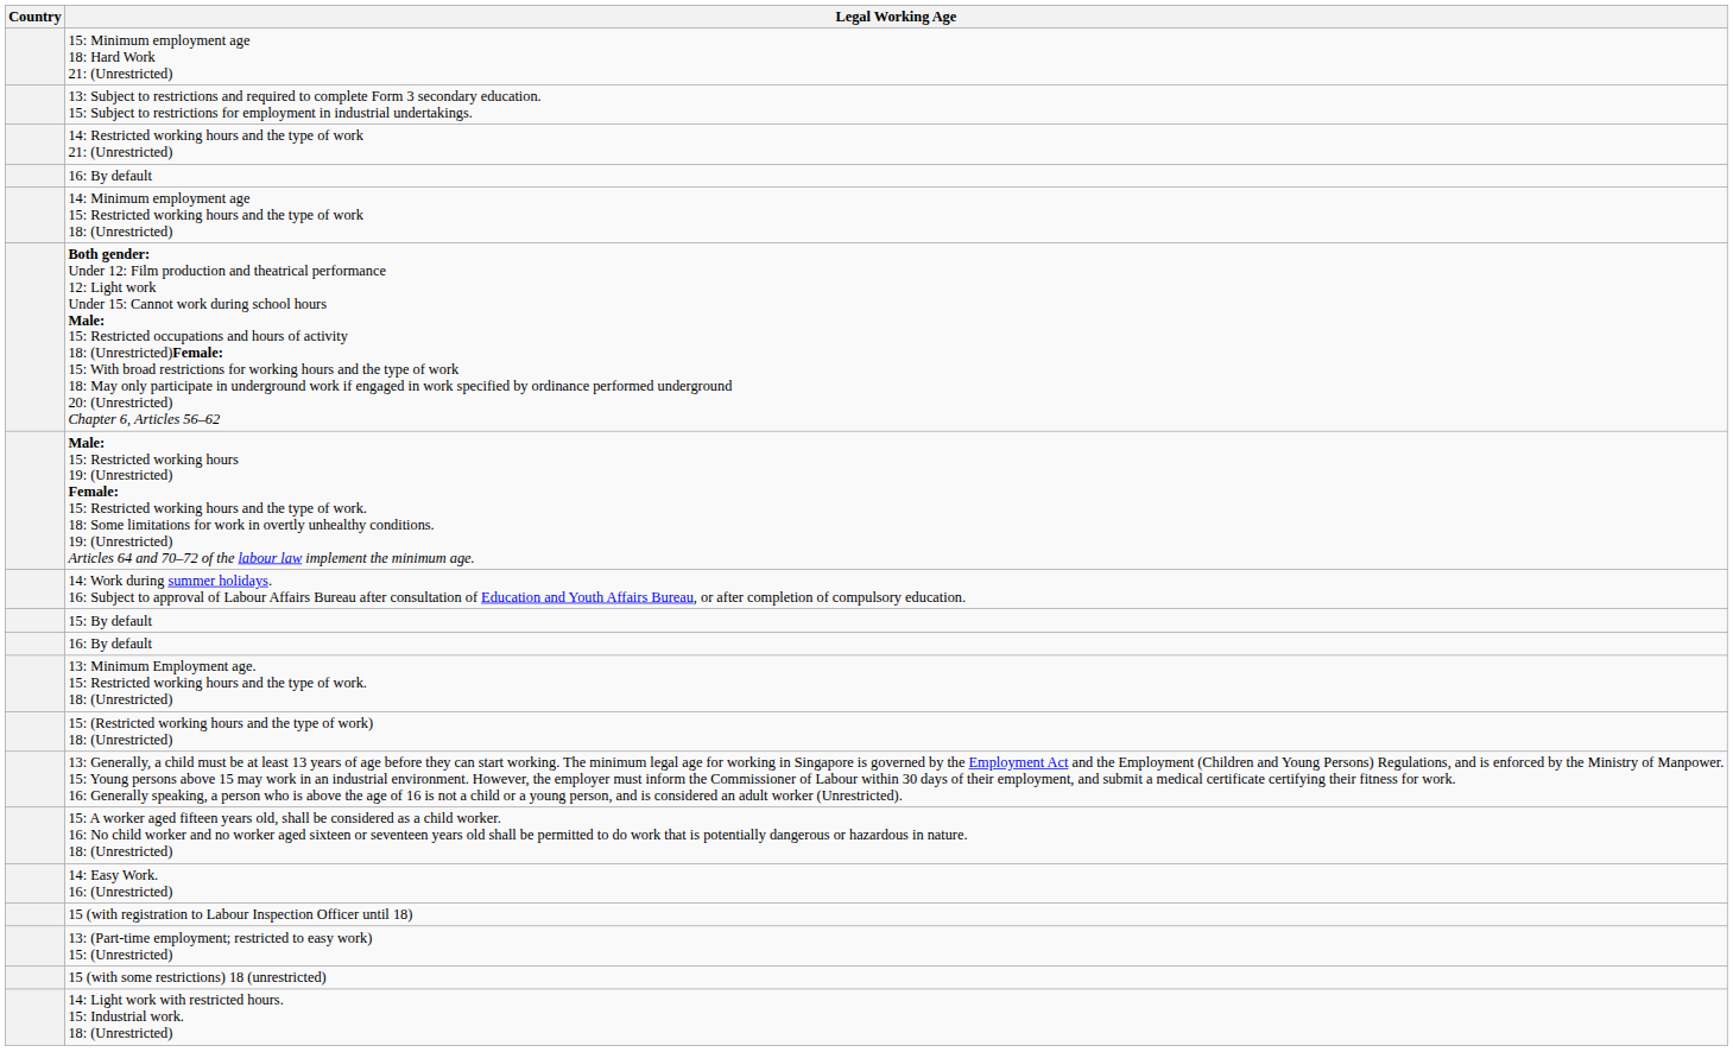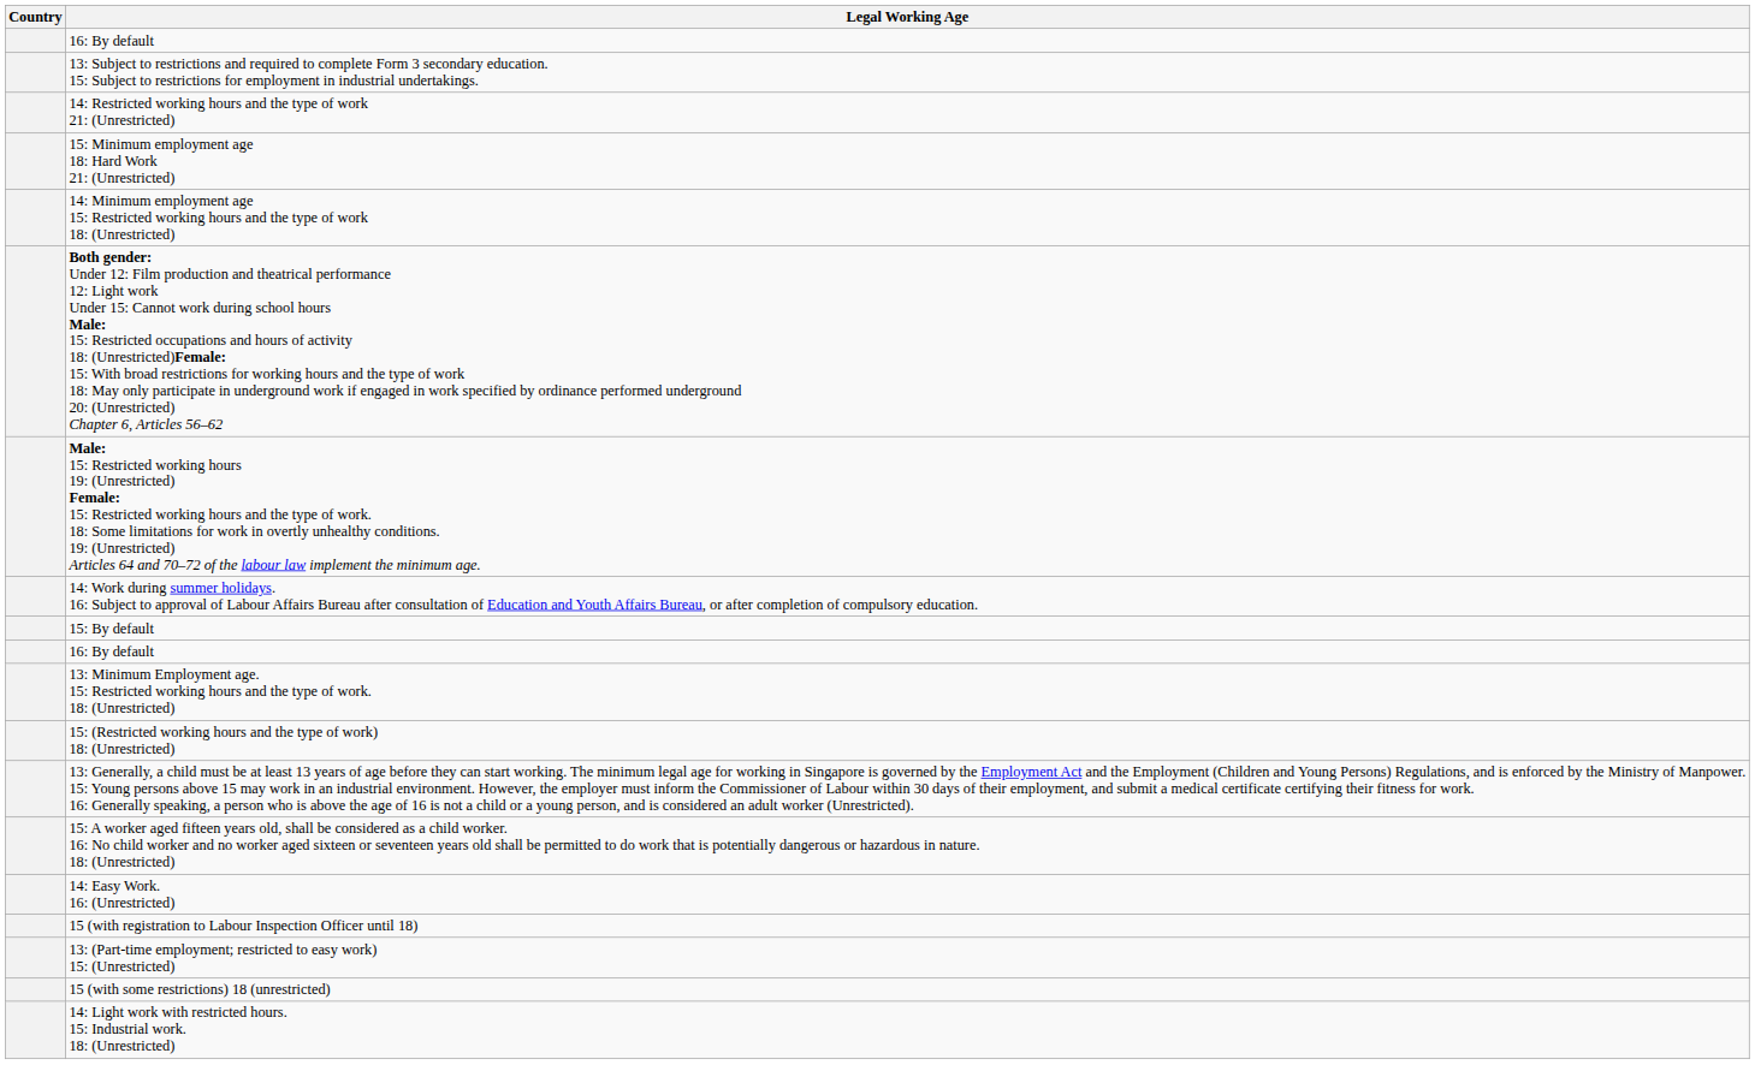 <table class="wikitable">
 <tr>
 <th>Country</th>
 <th>Legal Working Age</th>
 </tr>
 <tr>
 <th style="text-align: left;"></th>
-<td>15: Minimum employment age <br> 18: Hard Work <br> 21: (Unrestricted)</td>
+<td>16: By default</td>
 </tr>
 <tr>
 <th style="text-align: left;"></th>
 <td>13: Subject to restrictions and required to complete Form 3 secondary education.<br>15: Subject to restrictions for employment in industrial undertakings.</td>
 </tr>
 <tr>
 <th style="text-align: left;"></th>
 <td>14: Restricted working hours and the type of work<br>21: (Unrestricted)</td>
 </tr>
 <tr>
 <th style="text-align: left;"></th>
-<td>16: By default</td>
+<td>15: Minimum employment age <br> 18: Hard Work <br> 21: (Unrestricted)</td>
 </tr>
 <tr>
 <th style="text-align: left;"></th>
 <td>14: Minimum employment age<br> 15: Restricted working hours and the type of work<br>18: (Unrestricted)</td>
 </tr>
 <tr>
 <th style="text-align: left;"></th>
 <td><strong>Both gender:</strong><br>Under 12: Film production and theatrical performance<br>12: Light work<br>Under 15: Cannot work during school hours<br><strong>Male:</strong><br>15: Restricted occupations and hours of activity<br>18: (Unrestricted)<strong>Female:</strong><br>15: With broad restrictions for working hours and the type of work<br>18: May only participate in underground work if engaged in work specified by ordinance performed underground<br>20: (Unrestricted)<br><em>Chapter 6, Articles 56–62</em></td>
 </tr>
 <tr>
 <th style="text-align: left;"></th>
 <td><strong>Male:</strong><br>15: Restricted working hours<br>19: (Unrestricted)<br><strong>Female:</strong><br>15: Restricted working hours and the type of work.<br>18: Some limitations for work in overtly unhealthy conditions.<br>19: (Unrestricted)<br><em>Articles 64 and 70–72 of the <a href='#'>labour law</a> implement the minimum age.</em></td>
 </tr>
 <tr>
 <th style="text-align: left;"></th>
 <td>14: Work during <a href='#'>summer holidays</a>.<br>16: Subject to approval of Labour Affairs Bureau after consultation of <a href='#'>Education and Youth Affairs Bureau</a>, or after completion of compulsory education.</td>
 </tr>
 <tr>
 <th style="text-align: left;"></th>
 <td>15: By default</td>
 </tr>
 <tr>
 <th style="text-align: left;"></th>
 <td>16: By default</td>
 </tr>
 <tr>
 <th style="text-align: left;"></th>
 <td>13: Minimum Employment age.<br>15: Restricted working hours and the type of work.<br>18: (Unrestricted)</td>
 </tr>
 <tr>
 <th style="text-align: left;"></th>
 <td>15: (Restricted working hours and the type of work) <br> 18: (Unrestricted)</td>
 </tr>
 <tr>
 <th style="text-align: left;"></th>
 <td>13: Generally, a child must be at least 13 years of age before they can start working. The minimum legal age for working in Singapore is governed by the <a href='#'>Employment Act</a> and the Employment (Children and Young Persons) Regulations, and is enforced by the Ministry of Manpower.<br>15: Young persons above 15 may work in an industrial environment. However, the employer must inform the Commissioner of Labour within 30 days of their employment, and submit a medical certificate certifying their fitness for work. <br>16: Generally speaking, a person who is above the age of 16 is not a child or a young person, and is considered an adult worker (Unrestricted).</td>
 </tr>
 <tr>
 <th style="text-align: left;"></th>
 <td>15: A worker aged fifteen years old, shall be considered as a child worker. <br>16: No child worker and no worker aged sixteen or seventeen years old shall be permitted to do work that is potentially dangerous or hazardous in nature.<br> 18: (Unrestricted)</td>
 </tr>
 <tr>
 <th style="text-align: left;"></th>
 <td>14: Easy Work.<br>16: (Unrestricted)</td>
 </tr>
 <tr>
 <th style="text-align: left;"></th>
 <td>15 (with registration to Labour Inspection Officer until 18)</td>
 </tr>
 <tr>
 <th style="text-align: left;"></th>
 <td>13: (Part-time employment; restricted to easy work)<br>15: (Unrestricted)</td>
 </tr>
 <tr>
 <th style="text-align: left;"></th>
 <td>15 (with some restrictions) 18 (unrestricted)</td>
 </tr>
 <tr>
 <th style="text-align: left;"></th>
 <td>14: Light work with restricted hours. <br> 15: Industrial work. <br> 18: (Unrestricted)</td>
 </tr>
 </table>
